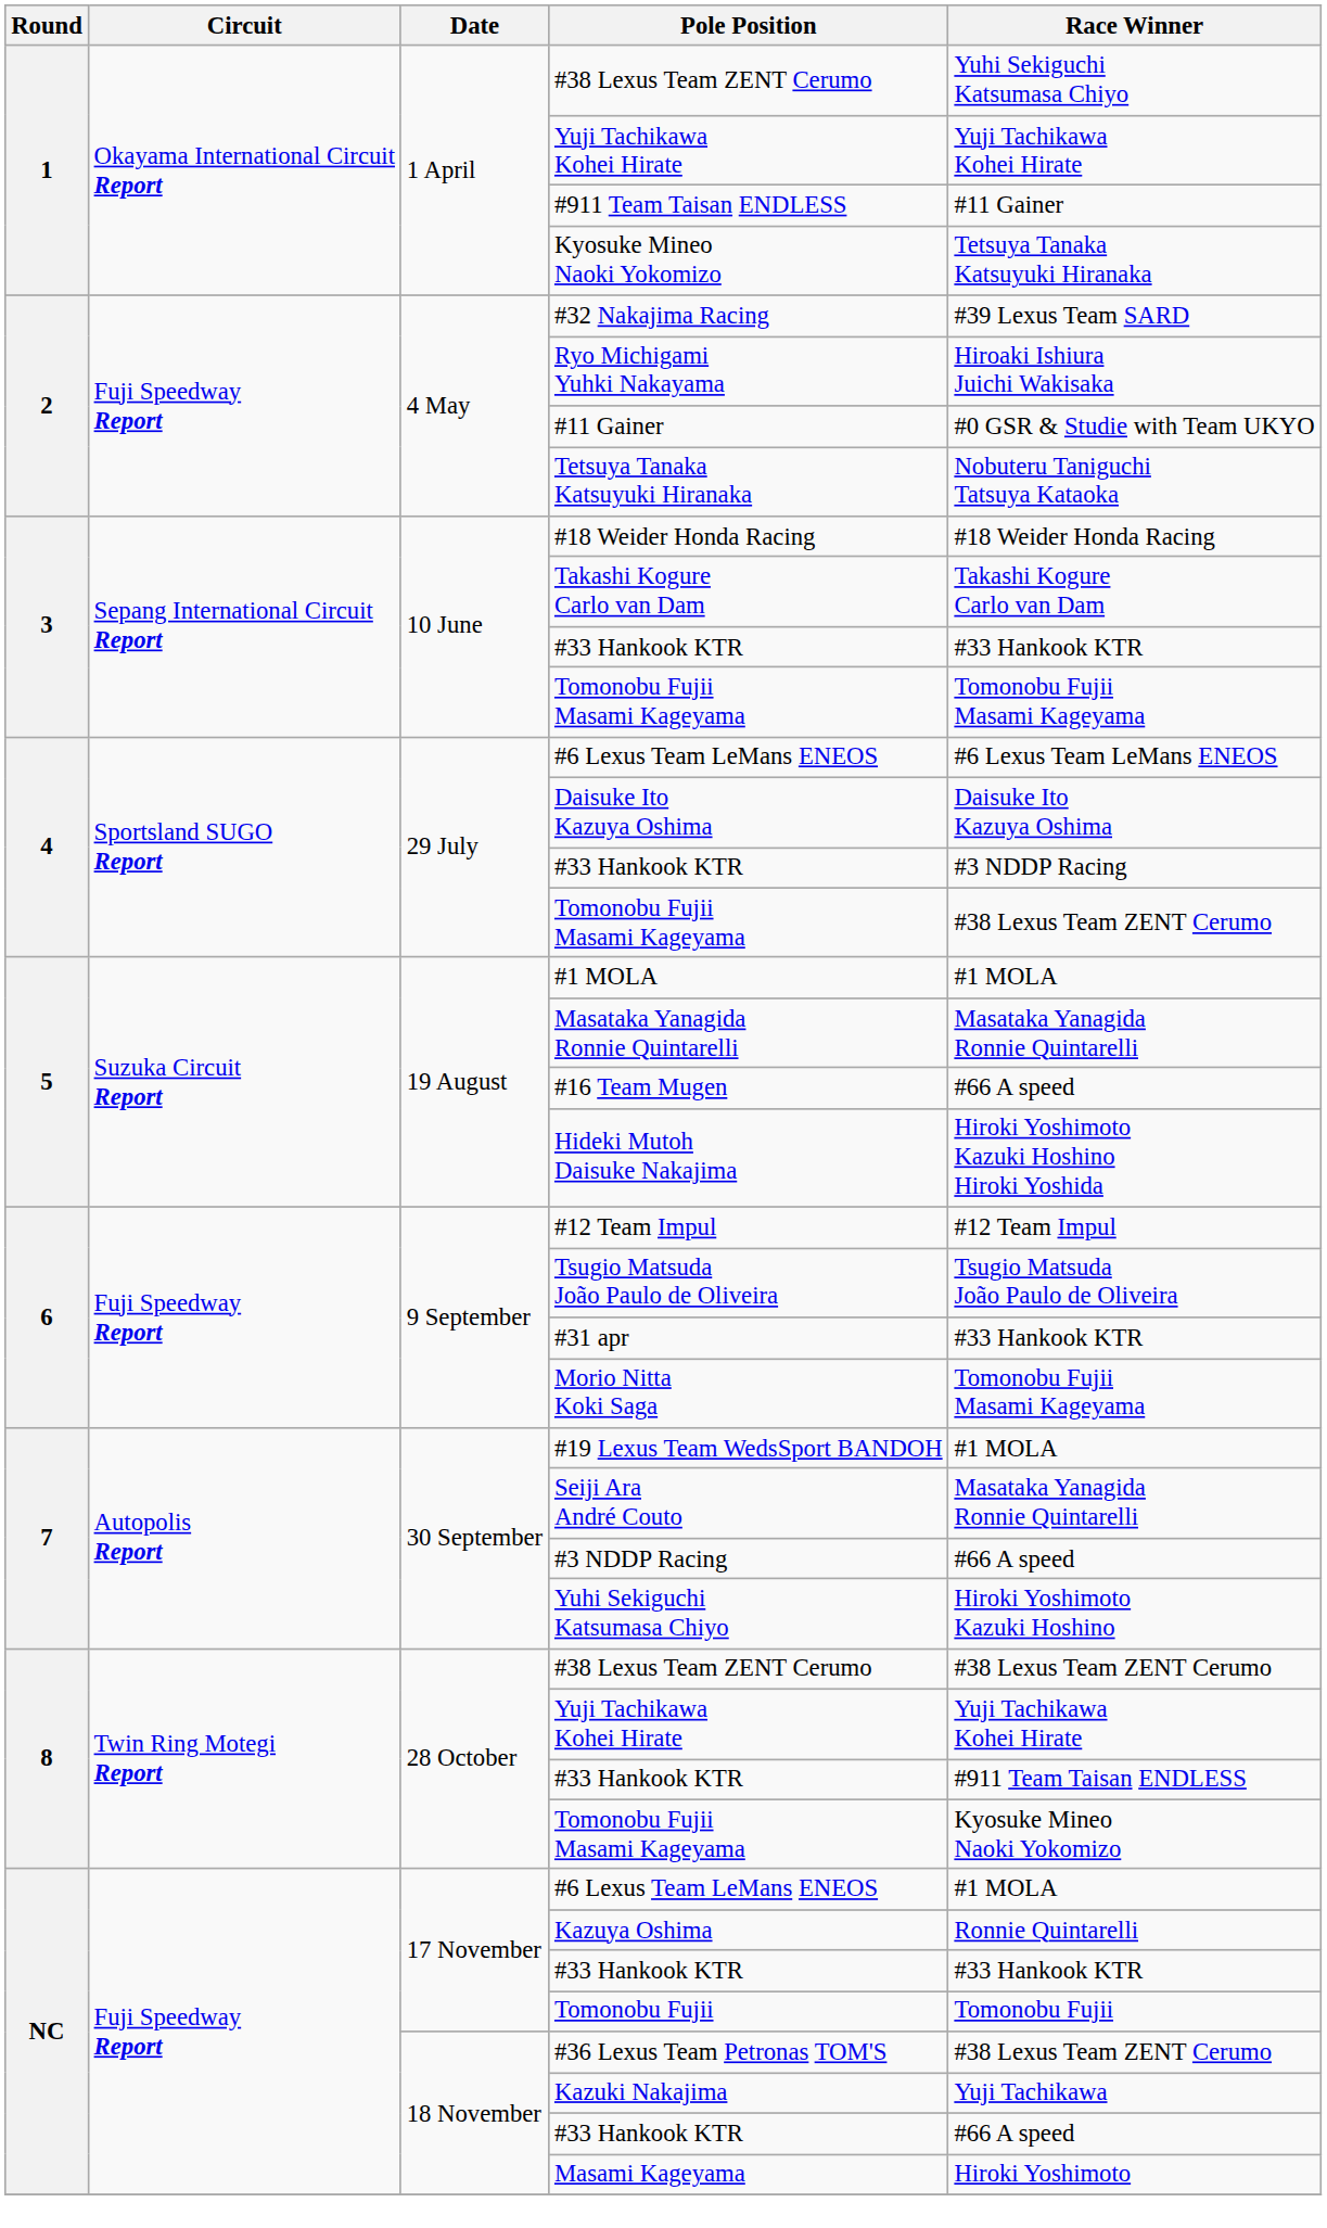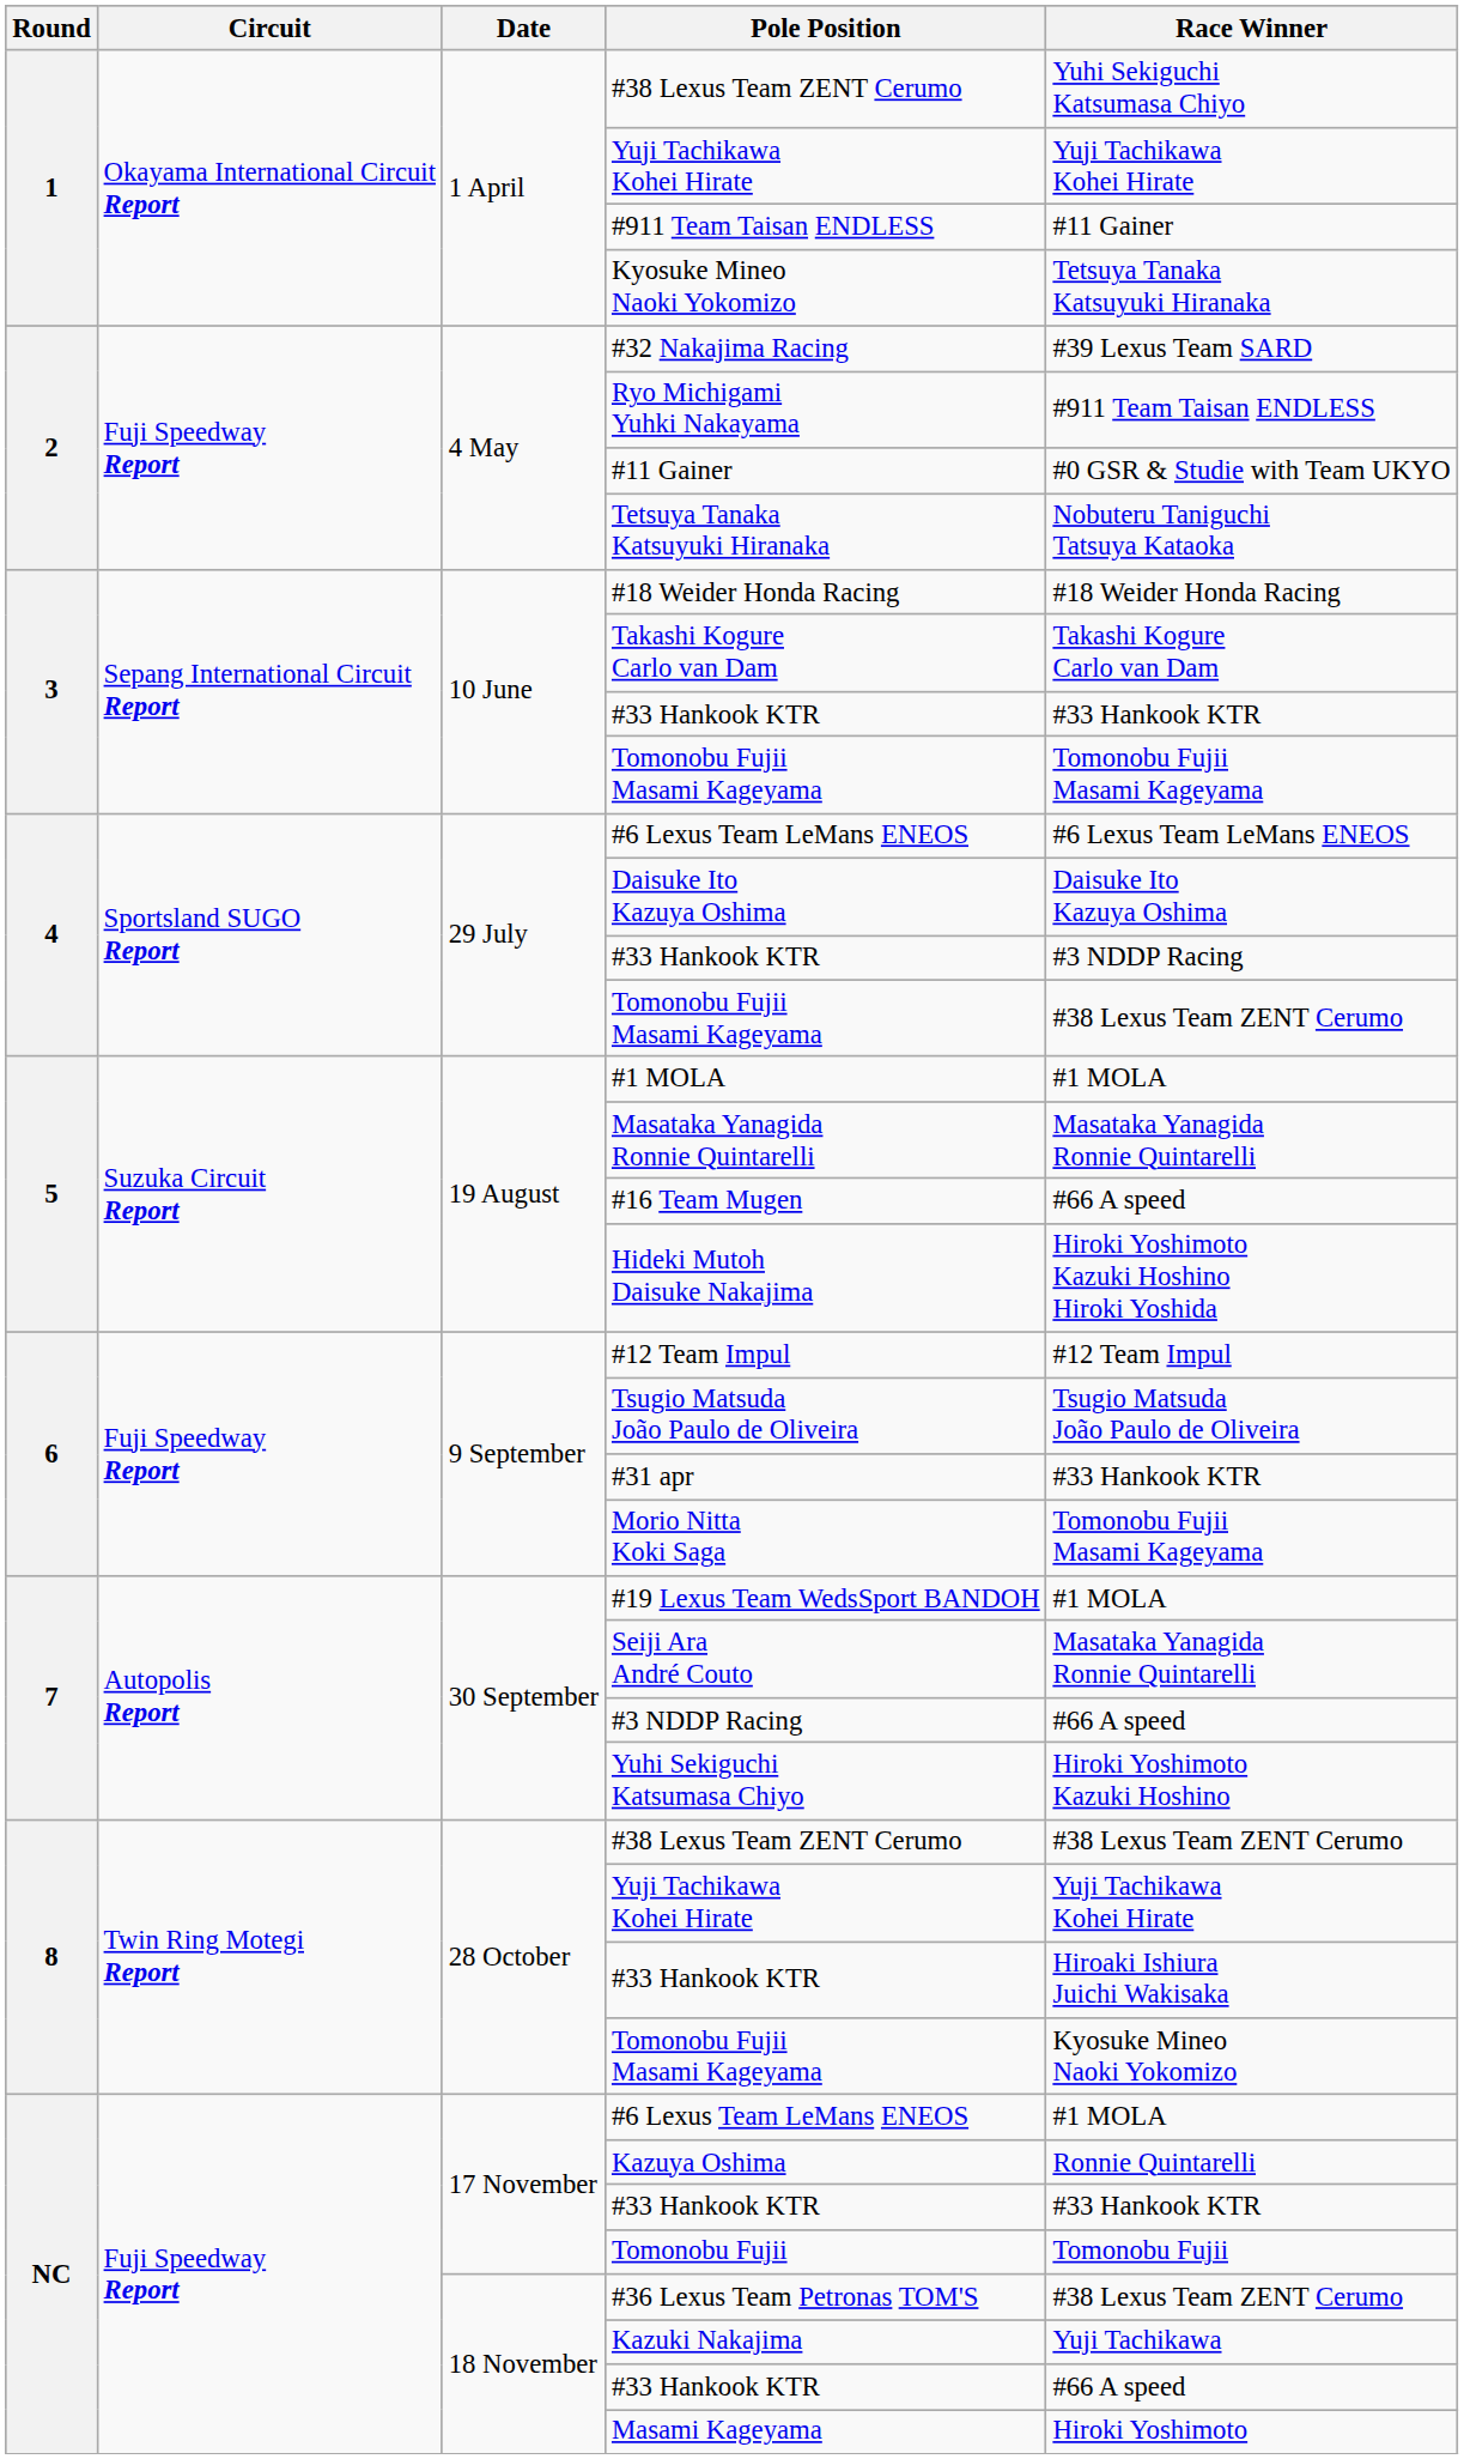 <table class="wikitable" style="font-size: 85%;">
 <tr>
 <th>Round</th>
 <th>Circuit</th>
 <th>Date</th>
 <th>Pole Position</th>
 <th>Race Winner</th>
 </tr>
 <tr>
 <th rowspan=4>1</th>
 <td rowspan=4> <a href='#'>Okayama International Circuit</a><br><strong><em><a href='#'>Report</a></em></strong></td>
 <td rowspan=4>1 April</td>
 <td>#38 Lexus Team ZENT <a href='#'>Cerumo</a></td>
 <td> <a href='#'>Yuhi Sekiguchi</a><br> <a href='#'>Katsumasa Chiyo</a></td>
 </tr>
 <tr>
 <td> <a href='#'>Yuji Tachikawa</a><br> <a href='#'>Kohei Hirate</a></td>
 <td> <a href='#'>Yuji Tachikawa</a><br> <a href='#'>Kohei Hirate</a></td>
 </tr>
 <tr>
 <td>#911 <a href='#'>Team Taisan</a> <a href='#'>ENDLESS</a></td>
 <td>#11 Gainer</td>
 </tr>
 <tr>
 <td> Kyosuke Mineo<br> <a href='#'>Naoki Yokomizo</a></td>
 <td> <a href='#'>Tetsuya Tanaka</a><br> <a href='#'>Katsuyuki Hiranaka</a></td>
 </tr>
 <tr>
 <th rowspan=4>2</th>
 <td rowspan=4> <a href='#'>Fuji Speedway</a><br><strong><em><a href='#'>Report</a></em></strong></td>
 <td rowspan=4>4 May</td>
 <td>#32 <a href='#'>Nakajima Racing</a></td>
 <td>#39 Lexus Team <a href='#'>SARD</a></td>
 </tr>
 <tr>
 <td> <a href='#'>Ryo Michigami</a><br> <a href='#'>Yuhki Nakayama</a></td>
-<td> <a href='#'>Hiroaki Ishiura</a><br> <a href='#'>Juichi Wakisaka</a></td>
+<td>#911 <a href='#'>Team Taisan</a> <a href='#'>ENDLESS</a></td>
 </tr>
 <tr>
 <td>#11 Gainer</td>
 <td>#0 GSR & <a href='#'>Studie</a> with Team UKYO</td>
 </tr>
 <tr>
 <td> <a href='#'>Tetsuya Tanaka</a><br> <a href='#'>Katsuyuki Hiranaka</a></td>
 <td> <a href='#'>Nobuteru Taniguchi</a><br> <a href='#'>Tatsuya Kataoka</a></td>
 </tr>
 <tr>
 <th rowspan=4>3</th>
 <td rowspan=4> <a href='#'>Sepang International Circuit</a><br><strong><em><a href='#'>Report</a></em></strong></td>
 <td rowspan=4>10 June</td>
 <td>#18 Weider Honda Racing</td>
 <td>#18 Weider Honda Racing</td>
 </tr>
 <tr>
 <td> <a href='#'>Takashi Kogure</a><br> <a href='#'>Carlo van Dam</a></td>
 <td> <a href='#'>Takashi Kogure</a><br> <a href='#'>Carlo van Dam</a></td>
 </tr>
 <tr>
 <td>#33 Hankook KTR</td>
 <td>#33 Hankook KTR</td>
 </tr>
 <tr>
 <td> <a href='#'>Tomonobu Fujii</a><br> <a href='#'>Masami Kageyama</a></td>
 <td> <a href='#'>Tomonobu Fujii</a><br> <a href='#'>Masami Kageyama</a></td>
 </tr>
 <tr>
 <th rowspan=4>4</th>
 <td rowspan=4> <a href='#'>Sportsland SUGO</a><br><strong><em><a href='#'>Report</a></em></strong></td>
 <td rowspan=4>29 July</td>
 <td>#6 Lexus Team LeMans <a href='#'>ENEOS</a></td>
 <td>#6 Lexus Team LeMans <a href='#'>ENEOS</a></td>
 </tr>
 <tr>
 <td> <a href='#'>Daisuke Ito</a><br> <a href='#'>Kazuya Oshima</a></td>
 <td> <a href='#'>Daisuke Ito</a><br> <a href='#'>Kazuya Oshima</a></td>
 </tr>
 <tr>
 <td>#33 Hankook KTR</td>
 <td>#3 NDDP Racing</td>
 </tr>
 <tr>
 <td> <a href='#'>Tomonobu Fujii</a><br> <a href='#'>Masami Kageyama</a></td>
 <td>#38 Lexus Team ZENT <a href='#'>Cerumo</a></td>
 </tr>
 <tr>
 <th rowspan=4>5</th>
 <td rowspan=4> <a href='#'>Suzuka Circuit</a><br><strong><em><a href='#'>Report</a></em></strong></td>
 <td rowspan=4>19 August</td>
 <td>#1 MOLA</td>
 <td>#1 MOLA</td>
 </tr>
 <tr>
 <td> <a href='#'>Masataka Yanagida</a><br> <a href='#'>Ronnie Quintarelli</a></td>
 <td> <a href='#'>Masataka Yanagida</a><br> <a href='#'>Ronnie Quintarelli</a></td>
 </tr>
 <tr>
 <td>#16 <a href='#'>Team Mugen</a></td>
 <td>#66 A speed</td>
 </tr>
 <tr>
 <td> <a href='#'>Hideki Mutoh</a><br> <a href='#'>Daisuke Nakajima</a></td>
 <td> <a href='#'>Hiroki Yoshimoto</a><br> <a href='#'>Kazuki Hoshino</a><br> <a href='#'>Hiroki Yoshida</a></td>
 </tr>
 <tr>
 <th rowspan=4>6</th>
 <td rowspan=4> <a href='#'>Fuji Speedway</a><br><strong><em><a href='#'>Report</a></em></strong></td>
 <td rowspan=4>9 September</td>
 <td>#12 Team <a href='#'>Impul</a></td>
 <td>#12 Team <a href='#'>Impul</a></td>
 </tr>
 <tr>
 <td> <a href='#'>Tsugio Matsuda</a><br> <a href='#'>João Paulo de Oliveira</a></td>
 <td> <a href='#'>Tsugio Matsuda</a><br> <a href='#'>João Paulo de Oliveira</a></td>
 </tr>
 <tr>
 <td>#31 apr</td>
 <td>#33 Hankook KTR</td>
 </tr>
 <tr>
 <td> <a href='#'>Morio Nitta</a><br> <a href='#'>Koki Saga</a></td>
 <td> <a href='#'>Tomonobu Fujii</a><br> <a href='#'>Masami Kageyama</a></td>
 </tr>
 <tr>
 <th rowspan=4>7</th>
 <td rowspan=4> <a href='#'>Autopolis</a><br><strong><em><a href='#'>Report</a></em></strong></td>
 <td rowspan=4>30 September</td>
 <td>#19 <a href='#'>Lexus Team WedsSport BANDOH</a></td>
 <td>#1 MOLA</td>
 </tr>
 <tr>
 <td> <a href='#'>Seiji Ara</a><br> <a href='#'>André Couto</a></td>
 <td> <a href='#'>Masataka Yanagida</a><br> <a href='#'>Ronnie Quintarelli</a></td>
 </tr>
 <tr>
 <td>#3 NDDP Racing</td>
 <td>#66 A speed</td>
 </tr>
 <tr>
 <td> <a href='#'>Yuhi Sekiguchi</a><br> <a href='#'>Katsumasa Chiyo</a></td>
 <td> <a href='#'>Hiroki Yoshimoto</a><br> <a href='#'>Kazuki Hoshino</a></td>
 </tr>
 <tr>
 <th rowspan=4>8</th>
 <td rowspan=4> <a href='#'>Twin Ring Motegi</a><br><strong><em><a href='#'>Report</a></em></strong></td>
 <td rowspan=4>28 October</td>
 <td>#38 Lexus Team ZENT Cerumo</td>
 <td>#38 Lexus Team ZENT Cerumo</td>
 </tr>
 <tr>
 <td> <a href='#'>Yuji Tachikawa</a><br> <a href='#'>Kohei Hirate</a></td>
 <td> <a href='#'>Yuji Tachikawa</a><br> <a href='#'>Kohei Hirate</a></td>
 </tr>
 <tr>
 <td>#33 Hankook KTR</td>
-<td>#911 <a href='#'>Team Taisan</a> <a href='#'>ENDLESS</a></td>
+<td> <a href='#'>Hiroaki Ishiura</a><br> <a href='#'>Juichi Wakisaka</a></td>
 </tr>
 <tr>
 <td> <a href='#'>Tomonobu Fujii</a><br> <a href='#'>Masami Kageyama</a></td>
 <td> Kyosuke Mineo<br> <a href='#'>Naoki Yokomizo</a></td>
 </tr>
 <tr>
 <th rowspan=8>NC</th>
 <td rowspan=8> <a href='#'>Fuji Speedway</a><br><strong><em><a href='#'>Report</a></em></strong></td>
 <td rowspan=4>17 November</td>
 <td>#6 Lexus <a href='#'>Team LeMans</a> <a href='#'>ENEOS</a></td>
 <td>#1 MOLA</td>
 </tr>
 <tr>
 <td> <a href='#'>Kazuya Oshima</a></td>
 <td> <a href='#'>Ronnie Quintarelli</a></td>
 </tr>
 <tr>
 <td>#33 Hankook KTR</td>
 <td>#33 Hankook KTR</td>
 </tr>
 <tr>
 <td> <a href='#'>Tomonobu Fujii</a></td>
 <td> <a href='#'>Tomonobu Fujii</a></td>
 </tr>
 <tr>
 <td rowspan=4>18 November</td>
 <td>#36 Lexus Team <a href='#'>Petronas</a> <a href='#'>TOM'S</a></td>
 <td>#38 Lexus Team ZENT <a href='#'>Cerumo</a></td>
 </tr>
 <tr>
 <td> <a href='#'>Kazuki Nakajima</a></td>
 <td> <a href='#'>Yuji Tachikawa</a></td>
 </tr>
 <tr>
 <td>#33 Hankook KTR</td>
 <td>#66 A speed</td>
 </tr>
 <tr>
 <td> <a href='#'>Masami Kageyama</a></td>
 <td> <a href='#'>Hiroki Yoshimoto</a></td>
 </tr>
 <tr>
 </tr>
 </table>
